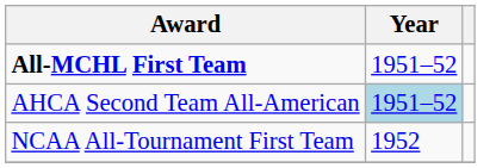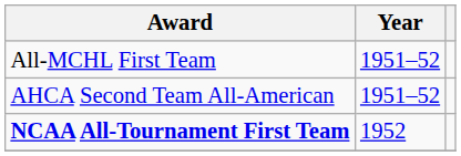 <table class="wikitable">
 <tr>
 <th>Award</th>
 <th>Year</th>
 <th></th>
 </tr>
 <tr>
-<td><strong>All-<a href='#'>MCHL</a> <a href='#'>First Team</a></strong></td>
+<td>All-<a href='#'>MCHL</a> <a href='#'>First Team</a></td>
 <td><a href='#'>1951–52</a></td>
 <td></td>
 </tr>
 <tr>
 <td><a href='#'>AHCA</a> <a href='#'>Second Team All-American</a></td>
-<td style="background: lightblue;"><a href='#'>1951–52</a></td>
+<td><a href='#'>1951–52</a></td>
 <td></td>
 </tr>
 <tr>
-<td><a href='#'>NCAA</a> <a href='#'>All-Tournament First Team</a></td>
+<td><strong><a href='#'>NCAA</a> <a href='#'>All-Tournament First Team</a></strong></td>
 <td><a href='#'>1952</a></td>
 <td></td>
 </tr>
 <tr>
 </tr>
 </table>
